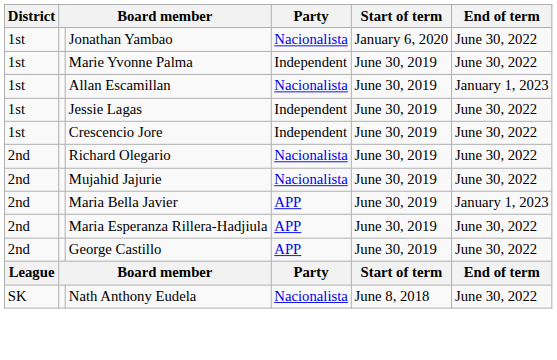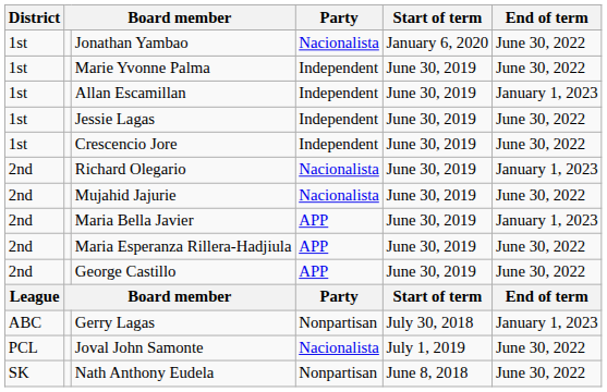 <table class="wikitable">
 <tr>
 <th>District</th>
 <th colspan="2">Board member</th>
 <th>Party</th>
 <th>Start of term</th>
 <th>End of term</th>
 </tr>
 <tr>
 <td>1st</td>
 <td></td>
 <td>Jonathan Yambao</td>
 <td><a href='#'>Nacionalista</a></td>
 <td>January 6, 2020</td>
 <td>June 30, 2022</td>
 </tr>
 <tr>
 <td>1st</td>
 <td></td>
 <td>Marie Yvonne Palma</td>
 <td>Independent</td>
 <td>June 30, 2019</td>
 <td>June 30, 2022</td>
 </tr>
 <tr>
 <td>1st</td>
 <td></td>
 <td>Allan Escamillan</td>
-<td><a href='#'>Nacionalista</a></td>
+<td>Independent</td>
 <td>June 30, 2019</td>
 <td>January 1, 2023</td>
 </tr>
 <tr>
 <td>1st</td>
 <td></td>
 <td>Jessie Lagas</td>
 <td>Independent</td>
 <td>June 30, 2019</td>
 <td>June 30, 2022</td>
 </tr>
 <tr>
 <td>1st</td>
 <td></td>
 <td>Crescencio Jore</td>
 <td>Independent</td>
 <td>June 30, 2019</td>
 <td>June 30, 2022</td>
 </tr>
 <tr>
 <td>2nd</td>
 <td></td>
 <td>Richard Olegario</td>
 <td><a href='#'>Nacionalista</a></td>
 <td>June 30, 2019</td>
-<td>June 30, 2022</td>
+<td>January 1, 2023</td>
 </tr>
 <tr>
 <td>2nd</td>
 <td></td>
 <td>Mujahid Jajurie</td>
 <td><a href='#'>Nacionalista</a></td>
 <td>June 30, 2019</td>
 <td>June 30, 2022</td>
 </tr>
 <tr>
 <td>2nd</td>
 <td></td>
 <td>Maria Bella Javier</td>
 <td><a href='#'>APP</a></td>
 <td>June 30, 2019</td>
 <td>January 1, 2023</td>
 </tr>
 <tr>
 <td>2nd</td>
 <td></td>
 <td>Maria Esperanza Rillera-Hadjiula</td>
 <td><a href='#'>APP</a></td>
 <td>June 30, 2019</td>
 <td>June 30, 2022</td>
 </tr>
 <tr>
 <td>2nd</td>
 <td></td>
 <td>George Castillo</td>
 <td><a href='#'>APP</a></td>
 <td>June 30, 2019</td>
 <td>June 30, 2022</td>
 </tr>
 <tr>
 <th>League</th>
 <th colspan="2">Board member</th>
 <th>Party</th>
 <th>Start of term</th>
 <th>End of term</th>
 </tr>
 <tr>
+<td>ABC</td>
+<td></td>
+<td>Gerry Lagas</td>
+<td>Nonpartisan</td>
+<td>July 30, 2018</td>
+<td>January 1, 2023</td>
+</tr>
+<tr>
+<td>PCL</td>
+<td></td>
+<td>Joval John Samonte</td>
+<td><a href='#'>Nacionalista</a></td>
+<td>July 1, 2019</td>
+<td>June 30, 2022</td>
+</tr>
+<tr>
 <td>SK</td>
 <td></td>
 <td>Nath Anthony Eudela</td>
-<td><a href='#'>Nacionalista</a></td>
+<td>Nonpartisan</td>
 <td>June 8, 2018</td>
 <td>June 30, 2022</td>
 </tr>
 </table>
